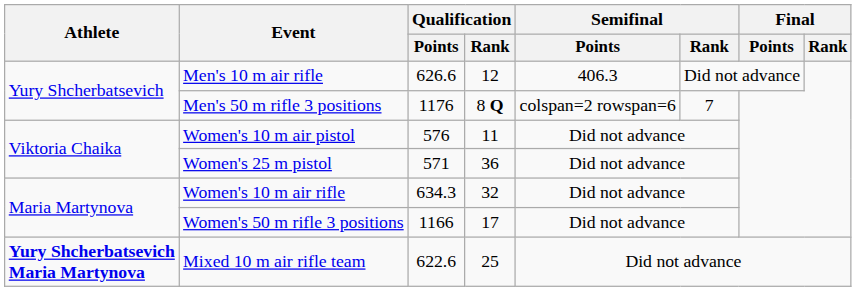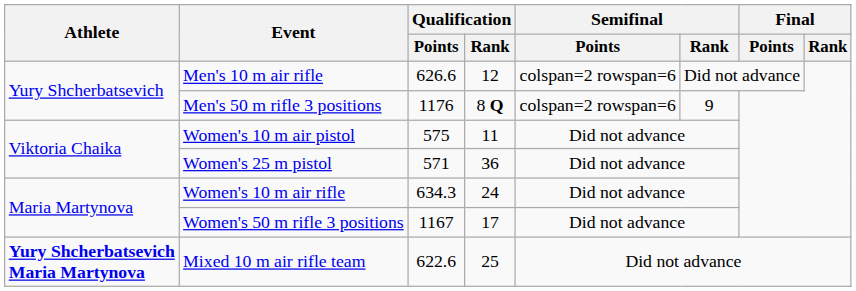 <table class="wikitable" style="font-size:90%">
 <tr>
 <th rowspan="2">Athlete</th>
 <th rowspan="2">Event</th>
 <th colspan=2>Qualification</th>
 <th colspan=2>Semifinal</th>
 <th colspan=2>Final</th>
 </tr>
 <tr style="font-size:95%">
 <th>Points</th>
 <th>Rank</th>
 <th>Points</th>
 <th>Rank</th>
 <th>Points</th>
 <th>Rank</th>
 </tr>
 <tr align=center>
 <td rowspan="2" align="left"><a href='#'>Yury Shcherbatsevich</a></td>
 <td align=left><a href='#'>Men's 10 m air rifle</a></td>
 <td>626.6</td>
 <td>12</td>
-<td>406.3</td>
+<td>colspan=2 rowspan=6 </td>
 <td colspan="2">Did not advance</td>
 </tr>
 <tr align="center">
 <td align=left><a href='#'>Men's 50 m rifle 3 positions</a></td>
 <td>1176</td>
 <td>8 <strong>Q</strong></td>
 <td>colspan=2 rowspan=6 </td>
-<td>7</td>
+<td>9</td>
 </tr>
 <tr align=center>
 <td align=left rowspan=2><a href='#'>Viktoria Chaika</a></td>
 <td align=left><a href='#'>Women's 10 m air pistol</a></td>
-<td>576</td>
+<td>575</td>
 <td>11</td>
 <td colspan=2>Did not advance</td>
 </tr>
 <tr align=center>
 <td align=left><a href='#'>Women's 25 m pistol</a></td>
 <td>571</td>
 <td>36</td>
 <td colspan=2>Did not advance</td>
 </tr>
 <tr align=center>
 <td align=left rowspan=2><a href='#'>Maria Martynova</a></td>
 <td align=left><a href='#'>Women's 10 m air rifle</a></td>
 <td>634.3</td>
-<td>32</td>
+<td>24</td>
 <td colspan=2>Did not advance</td>
 </tr>
 <tr align=center>
 <td align=left><a href='#'>Women's 50 m rifle 3 positions</a></td>
-<td>1166</td>
+<td>1167</td>
 <td>17</td>
 <td colspan=2>Did not advance</td>
 </tr>
 <tr align=center>
 <td align=left><strong><a href='#'>Yury Shcherbatsevich</a><br><a href='#'>Maria Martynova</a></strong></td>
 <td align=left><a href='#'>Mixed 10 m air rifle team</a></td>
 <td>622.6</td>
 <td>25</td>
 <td colspan=4>Did not advance</td>
 </tr>
 </table>
